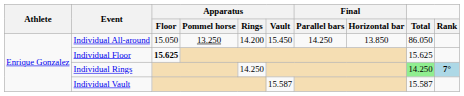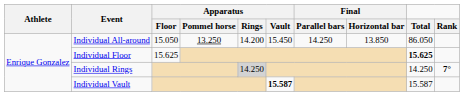 <table class="wikitable" style="font-size:90%">
 <tr>
 <th rowspan="2">Athlete</th>
 <th rowspan="2">Event</th>
 <th colspan = "4">Apparatus</th>
 <th colspan = "2">Final</th>
 </tr>
 <tr>
 <th>Floor</th>
 <th>Pommel horse</th>
 <th>Rings</th>
 <th>Vault</th>
 <th>Parallel bars</th>
 <th>Horizontal bar</th>
 <th>Total</th>
 <th>Rank</th>
 </tr>
 <tr>
 <td rowspan=4><a href='#'>Enrique Gonzalez</a></td>
 <td><a href='#'>Individual All-around</a></td>
 <td align=center>15.050</td>
 <td align=center><u>13.250</u></td>
 <td align=center>14.200</td>
 <td align=center>15.450</td>
 <td align=center>14.250</td>
 <td align=center>13.850</td>
 <td align=center>86.050</td>
 <td align=center></td>
 </tr>
 <tr>
 <td><a href='#'>Individual Floor</a></td>
+<td align=center>15.625</td>
+<td align=center colspan=5 bgcolor=wheat></td>
 <td align=center><strong>15.625</strong></td>
-<td align=center colspan=5 bgcolor=wheat></td>
-<td align=center>15.625</td>
 <td align=center></td>
 </tr>
 <tr>
 <td><a href='#'>Individual Rings</a></td>
 <td align=center colspan=2 bgcolor=wheat></td>
+<td align=center style="background: lightgrey;">14.250</td>
+<td align=center colspan=3 bgcolor=wheat></td>
 <td align=center>14.250</td>
-<td align=center colspan=3 bgcolor=wheat></td>
-<td align=center style="background: lightgreen;">14.250</td>
-<td align=center style="background: lightblue;"><strong>7°</strong></td>
+<td align=center><strong>7°</strong></td>
 </tr>
 <tr>
 <td><a href='#'>Individual Vault</a></td>
 <td align=center colspan=3 bgcolor=wheat></td>
-<td align=center>15.587</td>
+<td align=center><strong>15.587</strong></td>
 <td align=center colspan=2 bgcolor=wheat></td>
 <td align=center>15.587</td>
 <td align=center></td>
 </tr>
 </table>
